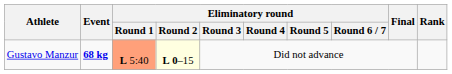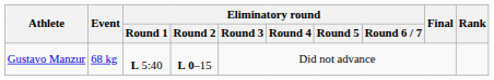 <table class="wikitable" style="font-size:90%">
 <tr>
 <th rowspan="2">Athlete</th>
 <th rowspan="2">Event</th>
 <th colspan="6">Eliminatory round</th>
 <th rowspan="2">Final</th>
 <th rowspan="2">Rank</th>
 </tr>
 <tr>
 <th>Round 1</th>
 <th>Round 2</th>
 <th>Round 3</th>
 <th>Round 4</th>
 <th>Round 5</th>
 <th>Round 6 / 7</th>
 </tr>
 <tr>
 <td><a href='#'>Gustavo Manzur</a></td>
-<td><strong><a href='#'>68 kg</a></strong></td>
-<td align=center style="background: lightsalmon;"><br><strong>L</strong> 5:40</td>
-<td align=center style="background: lightyellow;"><br><strong>L</strong> <strong>0</strong>–15</td>
+<td><a href='#'>68 kg</a></td>
+<td align=center><br><strong>L</strong> 5:40</td>
+<td align=center><br><strong>L</strong> <strong>0</strong>–15</td>
 <td colspan=5 align=center>Did not advance</td>
 <td align=center><strong></strong></td>
 </tr>
 </table>
